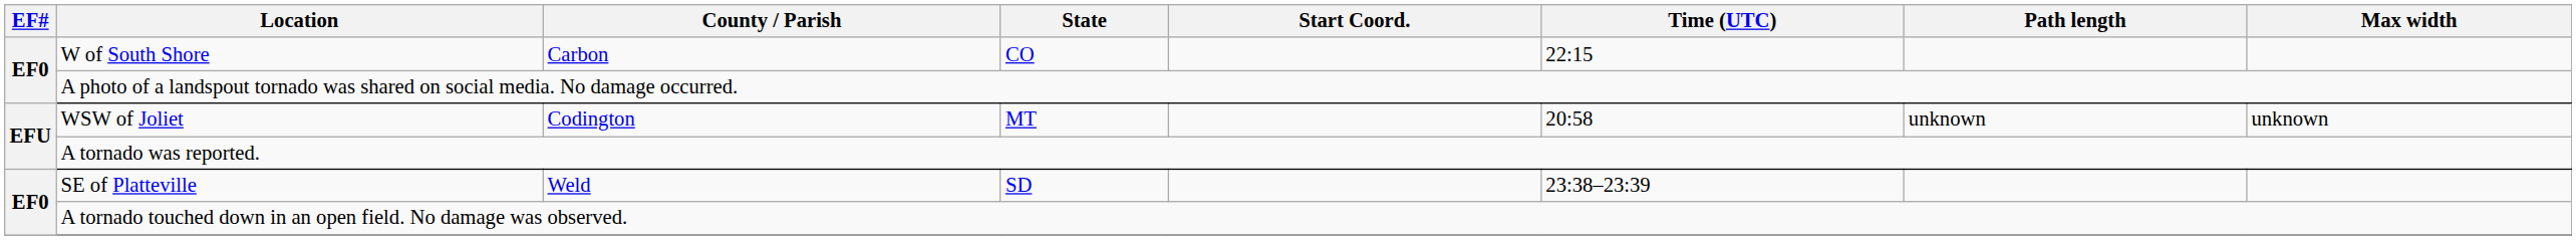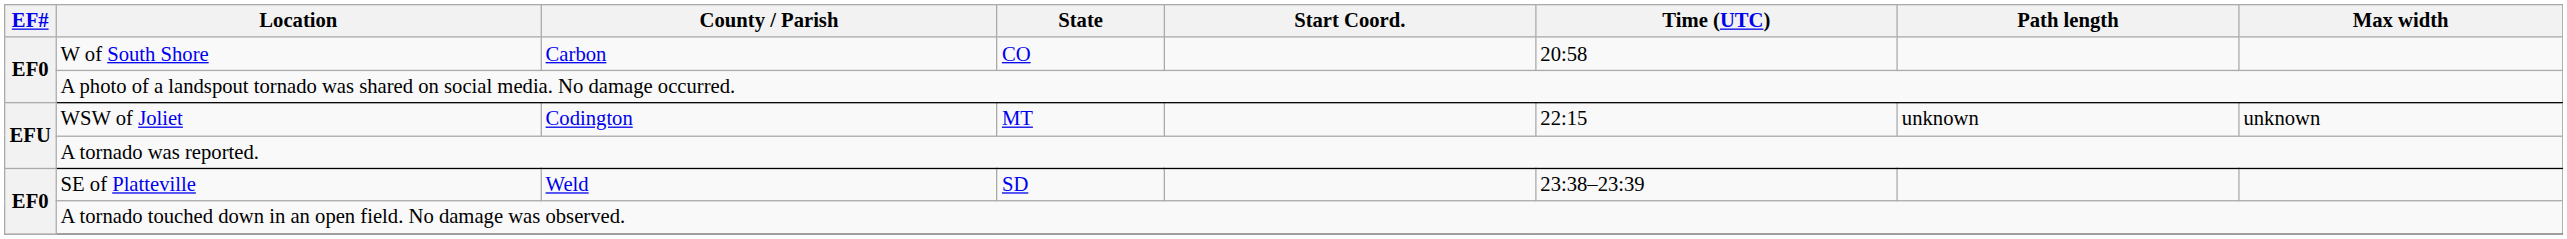 <table class="wikitable sortable" style="width:100%;">
 <tr>
 <th scope="col" width="2%" align="center"><a href='#'>EF#</a></th>
 <th scope="col" align="center" class="unsortable">Location</th>
 <th scope="col" align="center" class="unsortable">County / Parish</th>
 <th scope="col" align="center">State</th>
 <th scope="col" align="center">Start Coord.</th>
 <th scope="col" align="center">Time (<a href='#'>UTC</a>)</th>
 <th scope="col" align="center">Path length</th>
 <th scope="col" align="center">Max width</th>
 </tr>
 <tr>
 <th scope="row" rowspan="2" style="background-color:#">EF0</th>
 <td>W of <a href='#'>South Shore</a></td>
 <td><a href='#'>Carbon</a></td>
 <td><a href='#'>CO</a></td>
 <td></td>
-<td>22:15</td>
+<td>20:58</td>
 <td></td>
 <td></td>
 </tr>
 <tr class="expand-child">
 <td colspan="8" style=" border-bottom: 1px solid black;">A photo of a landspout tornado was shared on social media. No damage occurred.</td>
 </tr>
 <tr>
 <th scope="row" rowspan="2" style="background-color:#">EFU</th>
 <td>WSW of <a href='#'>Joliet</a></td>
 <td><a href='#'>Codington</a></td>
 <td><a href='#'>MT</a></td>
 <td></td>
-<td>20:58</td>
+<td>22:15</td>
 <td>unknown</td>
 <td>unknown</td>
 </tr>
 <tr class="expand-child">
 <td colspan="8" style=" border-bottom: 1px solid black;">A tornado was reported.</td>
 </tr>
 <tr>
 <th scope="row" rowspan="2" style="background-color:#">EF0</th>
 <td>SE of <a href='#'>Platteville</a></td>
 <td><a href='#'>Weld</a></td>
 <td><a href='#'>SD</a></td>
 <td></td>
 <td>23:38–23:39</td>
 <td></td>
 <td></td>
 </tr>
 <tr class="expand-child">
 <td colspan="8" style=" border-bottom: 1px solid black;">A tornado touched down in an open field. No damage was observed.</td>
 </tr>
 <tr>
 </tr>
 </table>
